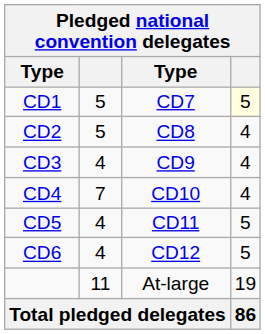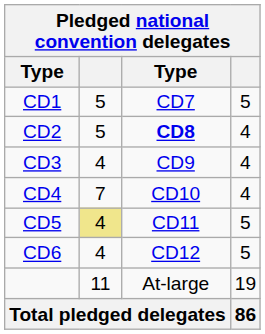 <table class="wikitable sortable" style="font-size:90%;text-align:center;float:none;padding:5px;">
 <tr>
 <th colspan="4">Pledged <a href='#'>national<br>convention</a> delegates</th>
 </tr>
 <tr>
 <th>Type</th>
 <th></th>
 <th>Type</th>
 <th></th>
 </tr>
 <tr>
 <td><a href='#'>CD1</a></td>
 <td>5</td>
 <td><a href='#'>CD7</a></td>
-<td style="background: lightyellow;">5</td>
+<td>5</td>
 </tr>
 <tr>
 <td><a href='#'>CD2</a></td>
 <td>5</td>
-<td><a href='#'>CD8</a></td>
+<td><strong><a href='#'>CD8</a></strong></td>
 <td>4</td>
 </tr>
 <tr>
 <td><a href='#'>CD3</a></td>
 <td>4</td>
 <td><a href='#'>CD9</a></td>
 <td>4</td>
 </tr>
 <tr>
 <td><a href='#'>CD4</a></td>
 <td>7</td>
 <td><a href='#'>CD10</a></td>
 <td>4</td>
 </tr>
 <tr>
 <td><a href='#'>CD5</a></td>
-<td>4</td>
+<td style="background: khaki;">4</td>
 <td><a href='#'>CD11</a></td>
 <td>5</td>
 </tr>
 <tr>
 <td><a href='#'>CD6</a></td>
 <td>4</td>
 <td><a href='#'>CD12</a></td>
 <td>5</td>
 </tr>
 <tr>
 <td></td>
 <td>11</td>
 <td>At-large</td>
 <td>19</td>
 </tr>
 <tr>
 <th colspan="3">Total pledged delegates</th>
 <th>86</th>
 </tr>
 </table>
